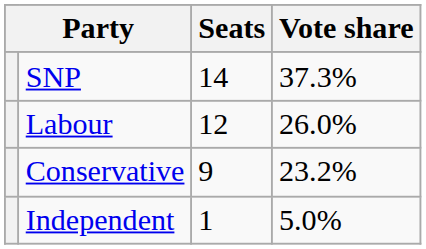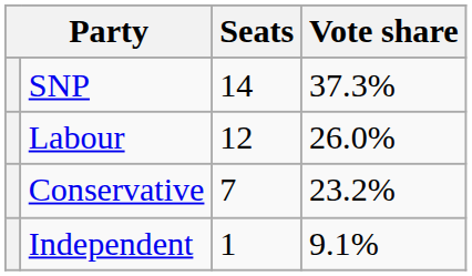 <table class="wikitable sortable">
 <tr>
 <th colspan="2">Party</th>
 <th>Seats</th>
 <th>Vote share</th>
 </tr>
 <tr>
 <th style="background-color: "></th>
 <td><a href='#'>SNP</a></td>
 <td>14</td>
 <td>37.3%</td>
 </tr>
 <tr>
 <th style="background-color: "></th>
 <td><a href='#'>Labour</a></td>
 <td>12</td>
 <td>26.0%</td>
 </tr>
 <tr>
 <th style="background-color: "></th>
 <td><a href='#'>Conservative</a></td>
-<td>9</td>
+<td>7</td>
 <td>23.2%</td>
 </tr>
 <tr>
 <th style="background-color: "></th>
 <td><a href='#'>Independent</a></td>
 <td>1</td>
-<td>5.0%</td>
+<td>9.1%</td>
 </tr>
 </table>
